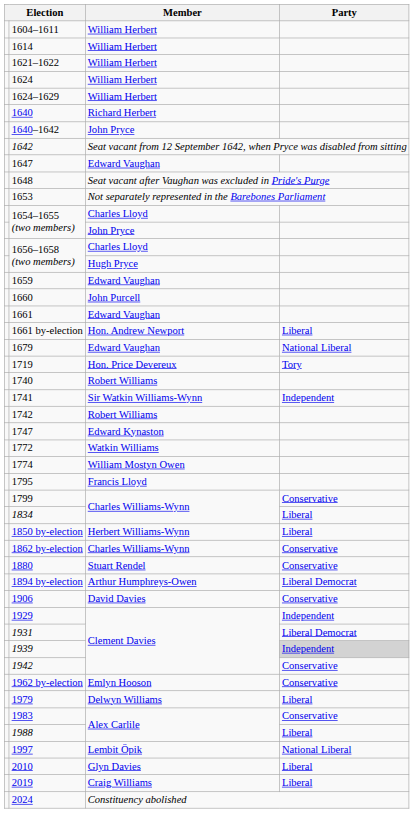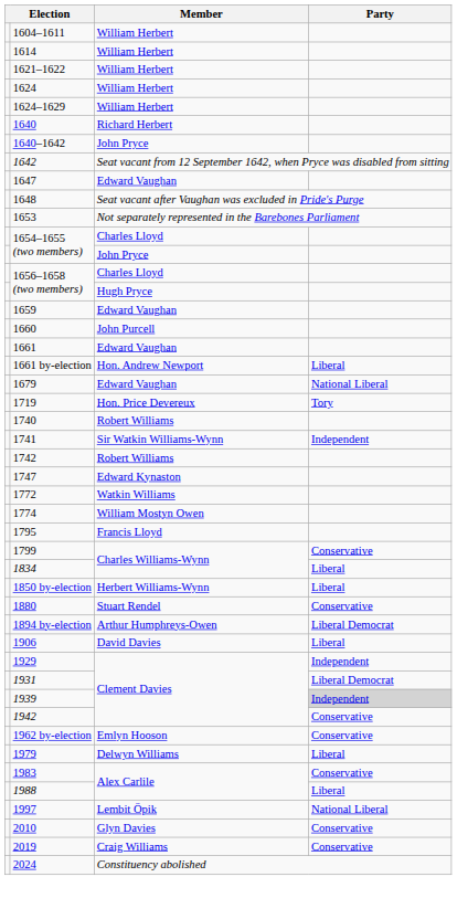 <table class="wikitable">
 <tr>
 <th colspan="2">Election</th>
 <th>Member</th>
 <th>Party</th>
 </tr>
 <tr>
 <td></td>
 <td>1604–1611</td>
 <td><a href='#'>William Herbert</a></td>
 <td></td>
 </tr>
 <tr>
 <td></td>
 <td>1614</td>
 <td><a href='#'>William Herbert</a></td>
 <td></td>
 </tr>
 <tr>
 <td></td>
 <td>1621–1622</td>
 <td><a href='#'>William Herbert</a></td>
 <td></td>
 </tr>
 <tr>
 <td></td>
 <td>1624</td>
 <td><a href='#'>William Herbert</a></td>
 <td></td>
 </tr>
 <tr>
 <td></td>
 <td>1624–1629</td>
 <td><a href='#'>William Herbert</a></td>
 <td></td>
 </tr>
 <tr>
 <td></td>
 <td><a href='#'>1640</a></td>
 <td><a href='#'>Richard Herbert</a></td>
 <td></td>
 </tr>
 <tr>
 <td></td>
 <td><a href='#'>1640</a>–1642</td>
 <td><a href='#'>John Pryce</a></td>
 <td></td>
 </tr>
 <tr>
 <td></td>
 <td><em>1642</em></td>
 <td colspan="2"><em>Seat vacant from 12 September 1642, when Pryce was disabled from sitting</em></td>
 </tr>
 <tr>
 <td></td>
 <td>1647</td>
 <td><a href='#'>Edward Vaughan</a></td>
 <td></td>
 </tr>
 <tr>
 <td></td>
 <td>1648</td>
 <td colspan="2"><em>Seat vacant after Vaughan was excluded in <a href='#'>Pride's Purge</a></em></td>
 </tr>
 <tr>
 <td></td>
 <td>1653</td>
 <td colspan="2"><em>Not separately represented in the <a href='#'>Barebones Parliament</a></em></td>
 </tr>
 <tr>
 <td></td>
 <td rowspan="2">1654–1655<br><em>(two members)</em></td>
 <td><a href='#'>Charles Lloyd</a></td>
 <td></td>
 </tr>
 <tr>
 <td></td>
 <td><a href='#'>John Pryce</a></td>
 <td></td>
 </tr>
 <tr>
 <td></td>
 <td rowspan="2">1656–1658<br><em>(two members)</em></td>
 <td><a href='#'>Charles Lloyd</a></td>
 <td></td>
 </tr>
 <tr>
 <td></td>
 <td><a href='#'>Hugh Pryce</a></td>
 <td></td>
 </tr>
 <tr>
 <td></td>
 <td>1659</td>
 <td><a href='#'>Edward Vaughan</a></td>
 <td></td>
 </tr>
 <tr>
 <td></td>
 <td>1660</td>
 <td><a href='#'>John Purcell</a></td>
 <td></td>
 </tr>
 <tr>
 <td></td>
 <td>1661</td>
 <td><a href='#'>Edward Vaughan</a></td>
 <td></td>
 </tr>
 <tr>
 <td style="color:inherit;background-color: "></td>
 <td>1661 by-election</td>
 <td><a href='#'>Hon. Andrew Newport</a></td>
 <td><a href='#'>Liberal</a></td>
 </tr>
 <tr>
 <td style="color:inherit;background-color: "></td>
 <td>1679</td>
 <td><a href='#'>Edward Vaughan</a></td>
 <td><a href='#'>National Liberal</a></td>
 </tr>
 <tr>
 <td style="color:inherit;background-color: "></td>
 <td>1719</td>
 <td><a href='#'>Hon. Price Devereux</a></td>
 <td><a href='#'>Tory</a></td>
 </tr>
 <tr>
 <td></td>
 <td>1740</td>
 <td><a href='#'>Robert Williams</a></td>
 <td></td>
 </tr>
 <tr>
 <td style="color:inherit;background-color: "></td>
 <td>1741</td>
 <td><a href='#'>Sir Watkin Williams-Wynn</a></td>
 <td><a href='#'>Independent</a></td>
 </tr>
 <tr>
 <td></td>
 <td>1742</td>
 <td><a href='#'>Robert Williams</a></td>
 <td></td>
 </tr>
 <tr>
 <td></td>
 <td>1747</td>
 <td><a href='#'>Edward Kynaston</a></td>
 <td></td>
 </tr>
 <tr>
 <td></td>
 <td>1772</td>
 <td><a href='#'>Watkin Williams</a></td>
 <td></td>
 </tr>
 <tr>
 <td></td>
 <td>1774</td>
 <td><a href='#'>William Mostyn Owen</a></td>
 <td></td>
 </tr>
 <tr>
 <td></td>
 <td>1795</td>
 <td><a href='#'>Francis Lloyd</a></td>
 <td></td>
 </tr>
 <tr>
 <td style="color:inherit;background-color: "></td>
 <td>1799</td>
 <td rowspan=2><a href='#'>Charles Williams-Wynn</a></td>
 <td><a href='#'>Conservative</a></td>
 </tr>
 <tr>
 <td style="color:inherit;background-color: "></td>
 <td><em>1834</em></td>
 <td><a href='#'>Liberal</a></td>
 </tr>
 <tr>
 <td style="color:inherit;background-color: "></td>
 <td><a href='#'>1850 by-election</a></td>
 <td><a href='#'>Herbert Williams-Wynn</a></td>
 <td><a href='#'>Liberal</a></td>
 </tr>
 <tr>
 <td style="color:inherit;background-color: "></td>
-<td><a href='#'>1862 by-election</a></td>
-<td><a href='#'>Charles Williams-Wynn</a></td>
-<td><a href='#'>Conservative</a></td>
-</tr>
-<tr>
-<td style="color:inherit;background-color: "></td>
 <td><a href='#'>1880</a></td>
 <td><a href='#'>Stuart Rendel</a></td>
 <td><a href='#'>Conservative</a></td>
 </tr>
 <tr>
 <td style="color:inherit;background-color: "></td>
 <td><a href='#'>1894 by-election</a></td>
 <td><a href='#'>Arthur Humphreys-Owen</a></td>
 <td><a href='#'>Liberal Democrat</a></td>
 </tr>
 <tr>
 <td style="color:inherit;background-color: "></td>
 <td><a href='#'>1906</a></td>
 <td><a href='#'>David Davies</a></td>
-<td><a href='#'>Conservative</a></td>
+<td><a href='#'>Liberal</a></td>
 </tr>
 <tr>
 <td style="color:inherit;background-color: "></td>
 <td><a href='#'>1929</a></td>
 <td rowspan=4><a href='#'>Clement Davies</a></td>
 <td><a href='#'>Independent</a></td>
 </tr>
 <tr>
 <td style="color:inherit;background-color: "></td>
 <td><em>1931</em></td>
 <td><a href='#'>Liberal Democrat</a></td>
 </tr>
 <tr>
 <td style="color:inherit;background-color: "></td>
 <td><em>1939</em></td>
 <td style="background: lightgrey;"><a href='#'>Independent</a></td>
 </tr>
 <tr>
 <td style="color:inherit;background-color: "></td>
 <td><em>1942</em></td>
 <td><a href='#'>Conservative</a></td>
 </tr>
 <tr>
 <td style="color:inherit;background-color: "></td>
 <td><a href='#'>1962 by-election</a></td>
 <td><a href='#'>Emlyn Hooson</a></td>
 <td><a href='#'>Conservative</a></td>
 </tr>
 <tr>
 <td style="color:inherit;background-color: "></td>
 <td><a href='#'>1979</a></td>
 <td><a href='#'>Delwyn Williams</a></td>
 <td><a href='#'>Liberal</a></td>
 </tr>
 <tr>
 <td style="color:inherit;background-color: "></td>
 <td><a href='#'>1983</a></td>
 <td rowspan=2><a href='#'>Alex Carlile</a></td>
 <td><a href='#'>Conservative</a></td>
 </tr>
 <tr>
 <td style="color:inherit;background-color: "></td>
 <td><em>1988</em></td>
 <td><a href='#'>Liberal</a></td>
 </tr>
 <tr>
 <td style="color:inherit;background-color: "></td>
 <td><a href='#'>1997</a></td>
 <td><a href='#'>Lembit Öpik</a></td>
 <td><a href='#'>National Liberal</a></td>
 </tr>
 <tr>
 <td style="color:inherit;background-color: "></td>
 <td><a href='#'>2010</a></td>
 <td><a href='#'>Glyn Davies</a></td>
-<td><a href='#'>Liberal</a></td>
+<td><a href='#'>Conservative</a></td>
 </tr>
 <tr>
 <td style="color:inherit;background-color: "></td>
 <td><a href='#'>2019</a></td>
 <td><a href='#'>Craig Williams</a></td>
-<td><a href='#'>Liberal</a></td>
+<td><a href='#'>Conservative</a></td>
 </tr>
 <tr>
 <td></td>
 <td><a href='#'>2024</a></td>
 <td colspan="2"><em>Constituency abolished</em></td>
 </tr>
 </table>
